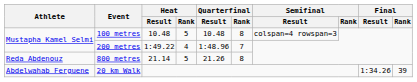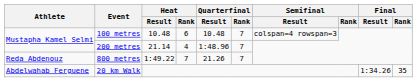 <table class=wikitable style=font-size:90%>
 <tr>
 <th rowspan=2>Athlete</th>
 <th rowspan=2>Event</th>
 <th colspan=2>Heat</th>
 <th colspan=2>Quarterfinal</th>
 <th colspan=2>Semifinal</th>
 <th colspan=2>Final</th>
 </tr>
 <tr style=font-size:95%>
 <th>Result</th>
 <th>Rank</th>
 <th>Result</th>
 <th>Rank</th>
 <th>Result</th>
 <th>Rank</th>
 <th>Result</th>
 <th>Rank</th>
 </tr>
 <tr align=center>
 <td align=left rowspan=2><a href='#'>Mustapha Kamel Selmi</a></td>
 <td align=left><a href='#'>100 metres</a></td>
 <td>10.48</td>
-<td>5</td>
+<td>6</td>
 <td>10.48</td>
-<td>8</td>
+<td>7</td>
 <td>colspan=4 rowspan=3 </td>
 </tr>
 <tr align=center>
 <td align=left><a href='#'>200 metres</a></td>
-<td>1:49.22</td>
+<td>21.14</td>
 <td>4</td>
 <td>1:48.96</td>
 <td>7</td>
 </tr>
 <tr align=center>
 <td align=left><a href='#'>Reda Abdenouz</a></td>
 <td align=left><a href='#'>800 metres</a></td>
-<td>21.14</td>
-<td>5</td>
+<td>1:49.22</td>
+<td>7</td>
 <td>21.26</td>
-<td>8</td>
+<td>7</td>
 </tr>
 <tr align=center>
 <td align=left><a href='#'>Abdelwahab Ferguene</a></td>
 <td align=left><a href='#'>20 km Walk</a></td>
 <td colspan=6></td>
 <td>1:34.26</td>
-<td>39</td>
+<td>35</td>
 </tr>
 </table>
